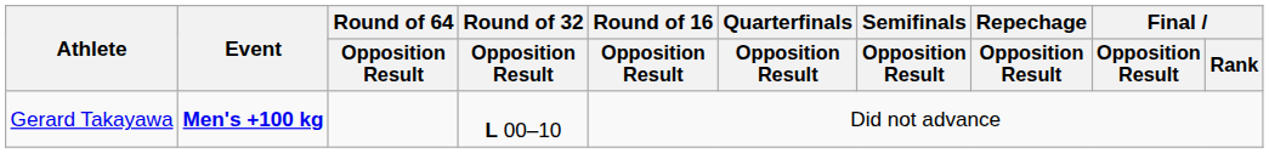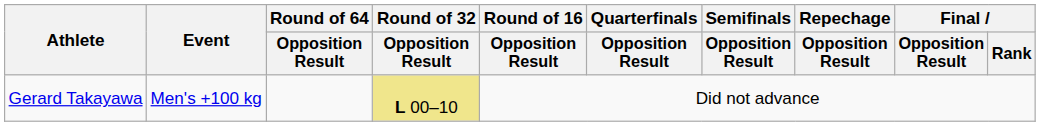 <table class="wikitable" style="font-size:90%">
 <tr>
 <th rowspan="2">Athlete</th>
 <th rowspan="2">Event</th>
 <th>Round of 64</th>
 <th>Round of 32</th>
 <th>Round of 16</th>
 <th>Quarterfinals</th>
 <th>Semifinals</th>
 <th>Repechage</th>
 <th colspan=2>Final / </th>
 </tr>
 <tr style="font-size:95%">
 <th>Opposition<br>Result</th>
 <th>Opposition<br>Result</th>
 <th>Opposition<br>Result</th>
 <th>Opposition<br>Result</th>
 <th>Opposition<br>Result</th>
 <th>Opposition<br>Result</th>
 <th>Opposition<br>Result</th>
 <th>Rank</th>
 </tr>
 <tr align=center>
 <td align=left><a href='#'>Gerard Takayawa</a></td>
-<td align=left><strong><a href='#'>Men's +100 kg</a></strong></td>
+<td align=left><a href='#'>Men's +100 kg</a></td>
 <td></td>
-<td><br><strong>L</strong> 00–10</td>
+<td style="background: khaki;"><br><strong>L</strong> 00–10</td>
 <td colspan=6>Did not advance</td>
 </tr>
 </table>
